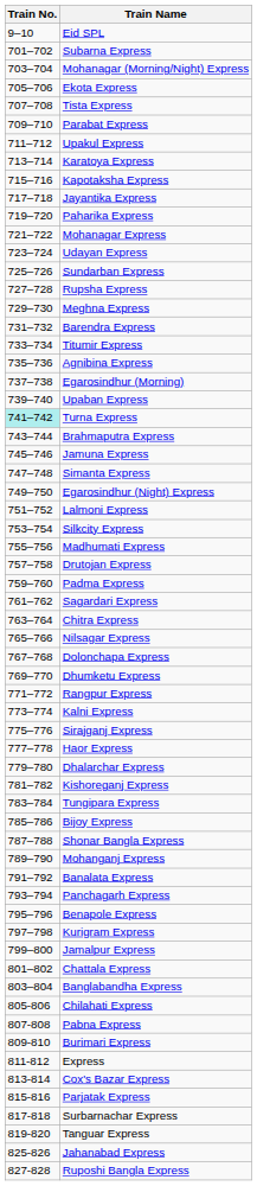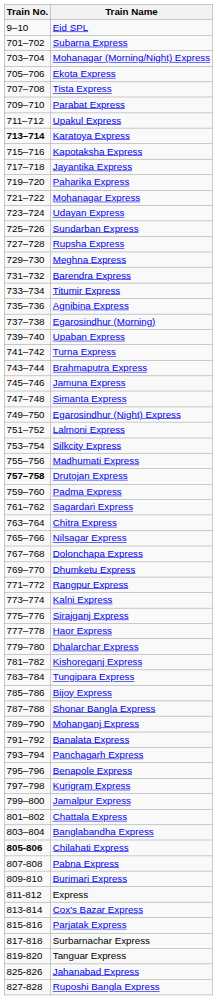 <table class="wikitable sortable">
 <tr>
 <th>Train No.</th>
 <th>Train Name</th>
 </tr>
 <tr>
 <td>9–10</td>
 <td><a href='#'>Eid SPL</a></td>
 </tr>
 <tr>
 <td>701–702</td>
 <td><a href='#'>Subarna Express</a></td>
 </tr>
 <tr>
 <td>703–704</td>
 <td><a href='#'>Mohanagar (Morning/Night) Express</a></td>
 </tr>
 <tr>
 <td>705–706</td>
 <td><a href='#'>Ekota Express</a></td>
 </tr>
 <tr>
 <td>707–708</td>
 <td><a href='#'>Tista Express</a></td>
 </tr>
 <tr>
 <td>709–710</td>
 <td><a href='#'>Parabat Express</a></td>
 </tr>
 <tr>
 <td>711–712</td>
 <td><a href='#'>Upakul Express</a></td>
 </tr>
 <tr>
-<td>713–714</td>
+<td><strong>713–714</strong></td>
 <td><a href='#'>Karatoya Express</a></td>
 </tr>
 <tr>
 <td>715–716</td>
 <td><a href='#'>Kapotaksha Express</a></td>
 </tr>
 <tr>
 <td>717–718</td>
 <td><a href='#'>Jayantika Express</a></td>
 </tr>
 <tr>
 <td>719–720</td>
 <td><a href='#'>Paharika Express</a></td>
 </tr>
 <tr>
 <td>721–722</td>
 <td><a href='#'>Mohanagar Express</a></td>
 </tr>
 <tr>
 <td>723–724</td>
 <td><a href='#'>Udayan Express</a></td>
 </tr>
 <tr>
 <td>725–726</td>
 <td><a href='#'>Sundarban Express</a></td>
 </tr>
 <tr>
 <td>727–728</td>
 <td><a href='#'>Rupsha Express</a></td>
 </tr>
 <tr>
 <td>729–730</td>
 <td><a href='#'>Meghna Express</a></td>
 </tr>
 <tr>
 <td>731–732</td>
 <td><a href='#'>Barendra Express</a></td>
 </tr>
 <tr>
 <td>733–734</td>
 <td><a href='#'>Titumir Express</a></td>
 </tr>
 <tr>
 <td>735–736</td>
 <td><a href='#'>Agnibina Express</a></td>
 </tr>
 <tr>
 <td>737–738</td>
 <td><a href='#'>Egarosindhur (Morning)</a></td>
 </tr>
 <tr>
 <td>739–740</td>
 <td><a href='#'>Upaban Express</a></td>
 </tr>
 <tr>
-<td style="background: paleturquoise;">741–742</td>
+<td>741–742</td>
 <td><a href='#'>Turna Express</a></td>
 </tr>
 <tr>
 <td>743–744</td>
 <td><a href='#'>Brahmaputra Express</a></td>
 </tr>
 <tr>
 <td>745–746</td>
 <td><a href='#'>Jamuna Express</a></td>
 </tr>
 <tr>
 <td>747–748</td>
 <td><a href='#'>Simanta Express</a></td>
 </tr>
 <tr>
 <td>749–750</td>
 <td><a href='#'>Egarosindhur (Night) Express</a></td>
 </tr>
 <tr>
 <td>751–752</td>
 <td><a href='#'>Lalmoni Express</a></td>
 </tr>
 <tr>
 <td>753–754</td>
 <td><a href='#'>Silkcity Express</a></td>
 </tr>
 <tr>
 <td>755–756</td>
 <td><a href='#'>Madhumati Express</a></td>
 </tr>
 <tr>
-<td>757–758</td>
+<td><strong>757–758</strong></td>
 <td><a href='#'>Drutojan Express</a></td>
 </tr>
 <tr>
 <td>759–760</td>
 <td><a href='#'>Padma Express</a></td>
 </tr>
 <tr>
 <td>761–762</td>
 <td><a href='#'>Sagardari Express</a></td>
 </tr>
 <tr>
 <td>763–764</td>
 <td><a href='#'>Chitra Express</a></td>
 </tr>
 <tr>
 <td>765–766</td>
 <td><a href='#'>Nilsagar Express</a></td>
 </tr>
 <tr>
 <td>767–768</td>
 <td><a href='#'>Dolonchapa Express</a></td>
 </tr>
 <tr>
 <td>769–770</td>
 <td><a href='#'>Dhumketu Express</a></td>
 </tr>
 <tr>
 <td>771–772</td>
 <td><a href='#'>Rangpur Express</a></td>
 </tr>
 <tr>
 <td>773–774</td>
 <td><a href='#'>Kalni Express</a></td>
 </tr>
 <tr>
 <td>775–776</td>
 <td><a href='#'>Sirajganj Express</a></td>
 </tr>
 <tr>
 <td>777–778</td>
 <td><a href='#'>Haor Express</a></td>
 </tr>
 <tr>
 <td>779–780</td>
 <td><a href='#'>Dhalarchar Express</a></td>
 </tr>
 <tr>
 <td>781–782</td>
 <td><a href='#'>Kishoreganj Express</a></td>
 </tr>
 <tr>
 <td>783–784</td>
 <td><a href='#'>Tungipara Express</a></td>
 </tr>
 <tr>
 <td>785–786</td>
 <td><a href='#'>Bijoy Express</a></td>
 </tr>
 <tr>
 <td>787–788</td>
 <td><a href='#'>Shonar Bangla Express</a></td>
 </tr>
 <tr>
 <td>789–790</td>
 <td><a href='#'>Mohanganj Express</a></td>
 </tr>
 <tr>
 <td>791–792</td>
 <td><a href='#'>Banalata Express</a></td>
 </tr>
 <tr>
 <td>793–794</td>
 <td><a href='#'>Panchagarh Express</a></td>
 </tr>
 <tr>
 <td>795–796</td>
 <td><a href='#'>Benapole Express</a></td>
 </tr>
 <tr>
 <td>797–798</td>
 <td><a href='#'>Kurigram Express</a></td>
 </tr>
 <tr>
 <td>799–800</td>
 <td><a href='#'>Jamalpur Express</a></td>
 </tr>
 <tr>
 <td>801–802</td>
 <td><a href='#'>Chattala Express</a></td>
 </tr>
 <tr>
 <td>803–804</td>
 <td><a href='#'>Banglabandha Express</a></td>
 </tr>
 <tr>
-<td>805-806</td>
+<td><strong>805-806</strong></td>
 <td><a href='#'>Chilahati Express</a></td>
 </tr>
 <tr>
 <td>807-808</td>
 <td><a href='#'>Pabna Express</a></td>
 </tr>
 <tr>
 <td>809-810</td>
 <td><a href='#'>Burimari Express</a></td>
 </tr>
 <tr>
 <td>811-812</td>
 <td>Express</td>
 </tr>
 <tr>
 <td>813-814</td>
 <td><a href='#'>Cox's Bazar Express</a></td>
 </tr>
 <tr>
 <td>815-816</td>
 <td><a href='#'>Parjatak Express</a></td>
 </tr>
 <tr>
 <td>817-818</td>
 <td>Surbarnachar Express</td>
 </tr>
 <tr>
 <td>819-820</td>
 <td>Tanguar Express</td>
 </tr>
 <tr>
 <td>825-826</td>
 <td><a href='#'>Jahanabad Express</a></td>
 </tr>
 <tr>
 <td>827-828</td>
 <td><a href='#'>Ruposhi Bangla Express</a></td>
 </tr>
 </table>
